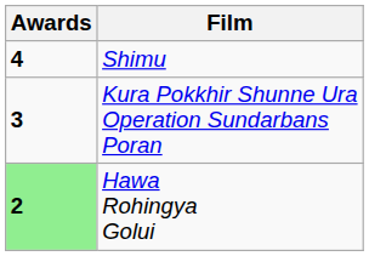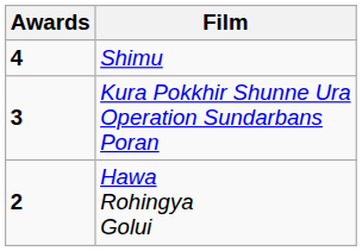 <table class="wikitable sortable">
 <tr>
 <th>Awards</th>
 <th>Film</th>
 </tr>
 <tr>
 <td><strong>4</strong></td>
 <td><a href='#'><em>Shimu</em></a></td>
 </tr>
 <tr>
 <td><strong>3</strong></td>
 <td><em><a href='#'>Kura Pokkhir Shunne Ura</a></em><br><em><a href='#'>Operation Sundarbans</a></em><br><a href='#'><em>Poran</em></a><br></td>
 </tr>
 <tr>
-<td style="background: lightgreen;"><strong>2</strong></td>
+<td><strong>2</strong></td>
 <td><em><a href='#'>Hawa</a></em><br><em>Rohingya</em><br><em>Golui</em></td>
 </tr>
 </table>
